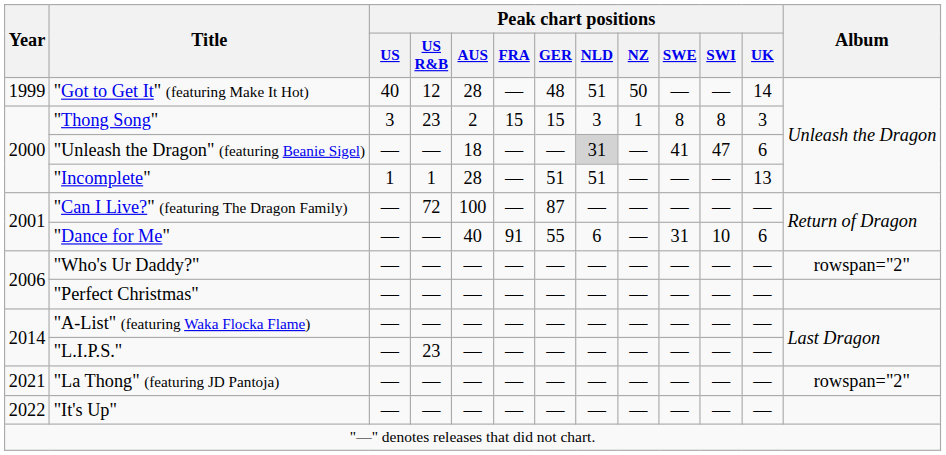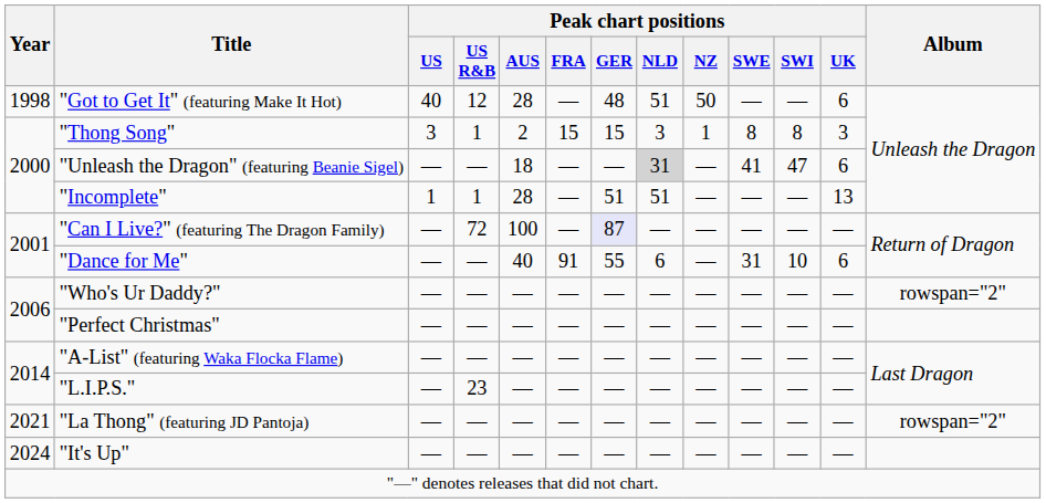 <table class="wikitable" style="text-align:center;">
 <tr>
 <th scope="col" rowspan="2">Year</th>
 <th scope="col" rowspan="2">Title</th>
 <th scope="col" colspan="10">Peak chart positions</th>
 <th scope="col" rowspan="2">Album</th>
 </tr>
 <tr style="font-size:smaller;">
 <th scope="col" style="width:30px;"><a href='#'>US</a></th>
 <th scope="col" style="width:30px;"><a href='#'>US R&B</a></th>
 <th scope="col" style="width:30px;"><a href='#'>AUS</a><br></th>
 <th style="width:30px;"><a href='#'>FRA</a><br></th>
 <th scope="col" style="width:30px;"><a href='#'>GER</a><br></th>
 <th scope="col" style="width:30px;"><a href='#'>NLD</a><br></th>
 <th scope="col" style="width:30px;"><a href='#'>NZ</a><br></th>
 <th scope="col" style="width:30px;"><a href='#'>SWE</a><br></th>
 <th scope="col" style="width:30px;"><a href='#'>SWI</a><br></th>
 <th scope="col" style="width:30px;"><a href='#'>UK</a><br></th>
 </tr>
 <tr>
-<td>1999</td>
+<td>1998</td>
 <td style="text-align:left;">"<a href='#'>Got to Get It</a>" <small>(featuring Make It Hot)</small></td>
 <td>40</td>
 <td>12</td>
 <td>28</td>
 <td>—</td>
 <td>48</td>
 <td>51</td>
 <td>50</td>
 <td>—</td>
 <td>—</td>
-<td>14</td>
+<td>6</td>
 <td style="text-align:left;" rowspan="4"><em>Unleash the Dragon</em></td>
 </tr>
 <tr>
 <td rowspan="3">2000</td>
 <td style="text-align:left;">"<a href='#'>Thong Song</a>"</td>
 <td>3</td>
-<td>23</td>
+<td>1</td>
 <td>2</td>
 <td>15</td>
 <td>15</td>
 <td>3</td>
 <td>1</td>
 <td>8</td>
 <td>8</td>
 <td>3</td>
 </tr>
 <tr>
 <td style="text-align:left;">"Unleash the Dragon" <small>(featuring <a href='#'>Beanie Sigel</a>)</small></td>
 <td>—</td>
 <td>—</td>
 <td>18</td>
 <td>—</td>
 <td>—</td>
 <td style="background: lightgrey;">31</td>
 <td>—</td>
 <td>41</td>
 <td>47</td>
 <td>6</td>
 </tr>
 <tr>
 <td style="text-align:left;">"<a href='#'>Incomplete</a>"</td>
 <td>1</td>
 <td>1</td>
 <td>28</td>
 <td>—</td>
 <td>51</td>
 <td>51</td>
 <td>—</td>
 <td>—</td>
 <td>—</td>
 <td>13</td>
 </tr>
 <tr>
 <td rowspan="2">2001</td>
 <td style="text-align:left;">"<a href='#'>Can I Live?</a>" <small>(featuring The Dragon Family)</small></td>
 <td>—</td>
 <td>72</td>
 <td>100</td>
 <td>—</td>
-<td>87</td>
+<td style="background: lavender;">87</td>
 <td>—</td>
 <td>—</td>
 <td>—</td>
 <td>—</td>
 <td>—</td>
 <td style="text-align:left;" rowspan="2"><em>Return of Dragon</em></td>
 </tr>
 <tr>
 <td style="text-align:left;">"<a href='#'>Dance for Me</a>"</td>
 <td>—</td>
 <td>—</td>
 <td>40</td>
 <td>91</td>
 <td>55</td>
 <td>6</td>
 <td>—</td>
 <td>31</td>
 <td>10</td>
 <td>6</td>
 </tr>
 <tr>
 <td rowspan="2">2006</td>
 <td style="text-align:left;">"Who's Ur Daddy?"</td>
 <td>—</td>
 <td>—</td>
 <td>—</td>
 <td>—</td>
 <td>—</td>
 <td>—</td>
 <td>—</td>
 <td>—</td>
 <td>—</td>
 <td>—</td>
 <td>rowspan="2" </td>
 </tr>
 <tr>
 <td style="text-align:left;">"Perfect Christmas"</td>
 <td>—</td>
 <td>—</td>
 <td>—</td>
 <td>—</td>
 <td>—</td>
 <td>—</td>
 <td>—</td>
 <td>—</td>
 <td>—</td>
 <td>—</td>
 </tr>
 <tr>
 <td rowspan="2">2014</td>
 <td style="text-align:left;">"A-List" <small>(featuring <a href='#'>Waka Flocka Flame</a>)</small></td>
 <td>—</td>
 <td>—</td>
 <td>—</td>
 <td>—</td>
 <td>—</td>
 <td>—</td>
 <td>—</td>
 <td>—</td>
 <td>—</td>
 <td>—</td>
 <td style="text-align:left;" rowspan="2"><em>Last Dragon</em></td>
 </tr>
 <tr>
 <td style="text-align:left;">"L.I.P.S."</td>
 <td>—</td>
 <td>23</td>
 <td>—</td>
 <td>—</td>
 <td>—</td>
 <td>—</td>
 <td>—</td>
 <td>—</td>
 <td>—</td>
 <td>—</td>
 </tr>
 <tr>
 <td>2021</td>
 <td style="text-align:left;">"La Thong" <small>(featuring JD Pantoja)</small></td>
 <td>—</td>
 <td>—</td>
 <td>—</td>
 <td>—</td>
 <td>—</td>
 <td>—</td>
 <td>—</td>
 <td>—</td>
 <td>—</td>
 <td>—</td>
 <td>rowspan="2" </td>
 </tr>
 <tr>
-<td>2022</td>
+<td>2024</td>
 <td style="text-align:left;">"It's Up"</td>
 <td>—</td>
 <td>—</td>
 <td>—</td>
 <td>—</td>
 <td>—</td>
 <td>—</td>
 <td>—</td>
 <td>—</td>
 <td>—</td>
 <td>—</td>
 </tr>
 <tr>
 <td colspan="15" style="font-size:85%">"—" denotes releases that did not chart.</td>
 </tr>
 </table>
